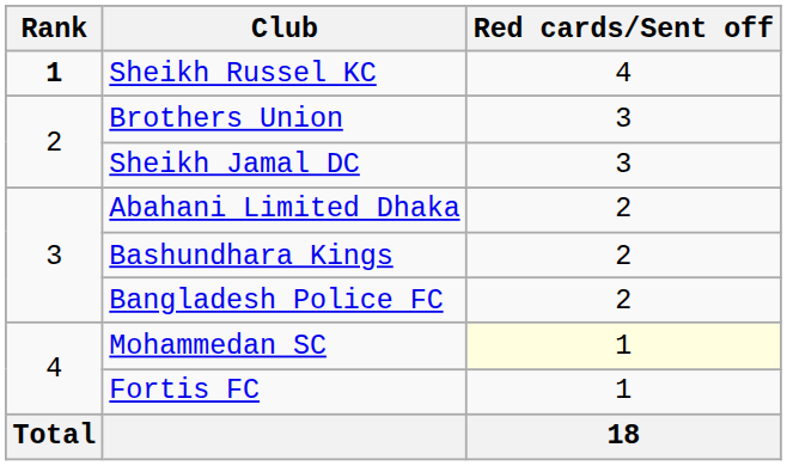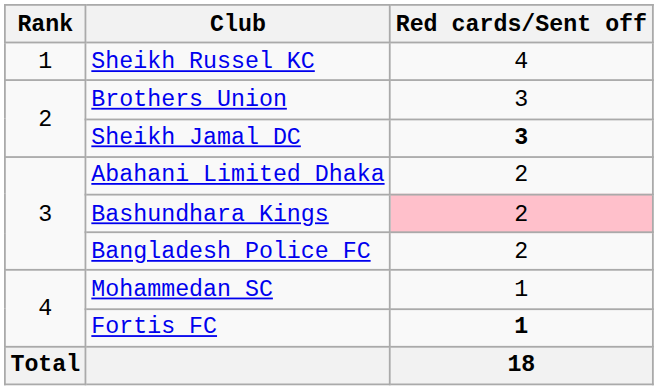 <table class="wikitable" style="text-align:center">
 <tr>
 <th>Rank</th>
 <th>Club</th>
 <th>Red cards/Sent off</th>
 </tr>
 <tr>
-<td><strong>1</strong></td>
+<td>1</td>
 <td align="left"><a href='#'>Sheikh Russel KC</a></td>
 <td>4</td>
 </tr>
 <tr>
 <td rowspan="2">2</td>
 <td align="left"><a href='#'>Brothers Union</a></td>
 <td>3</td>
 </tr>
 <tr>
 <td align="left"><a href='#'>Sheikh Jamal DC</a></td>
-<td>3</td>
+<td><strong>3</strong></td>
 </tr>
 <tr>
 <td rowspan="3">3</td>
 <td align="left"><a href='#'>Abahani Limited Dhaka</a></td>
 <td>2</td>
 </tr>
 <tr>
 <td align="left"><a href='#'>Bashundhara Kings</a></td>
-<td>2</td>
+<td style="background: pink;">2</td>
 </tr>
 <tr>
 <td align="left"><a href='#'>Bangladesh Police FC</a></td>
 <td>2</td>
 </tr>
 <tr>
 <td rowspan="2">4</td>
 <td align="left"><a href='#'>Mohammedan SC</a></td>
-<td style="background: lightyellow;">1</td>
+<td>1</td>
 </tr>
 <tr>
 <td align="left"><a href='#'>Fortis FC</a></td>
-<td>1</td>
+<td><strong>1</strong></td>
 </tr>
 <tr>
 <th>Total</th>
 <th></th>
 <th>18</th>
 </tr>
 </table>
